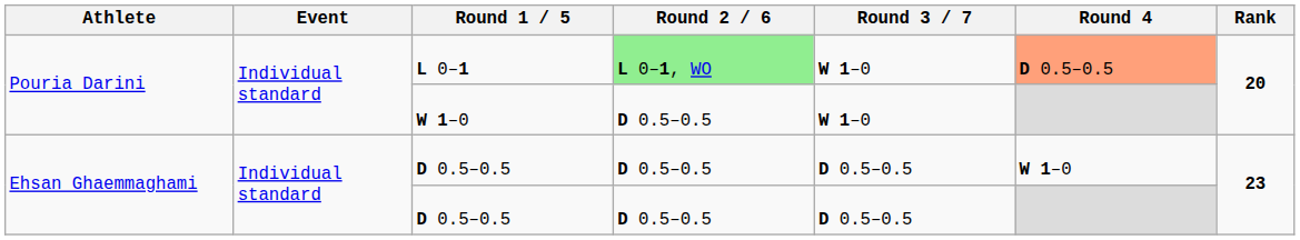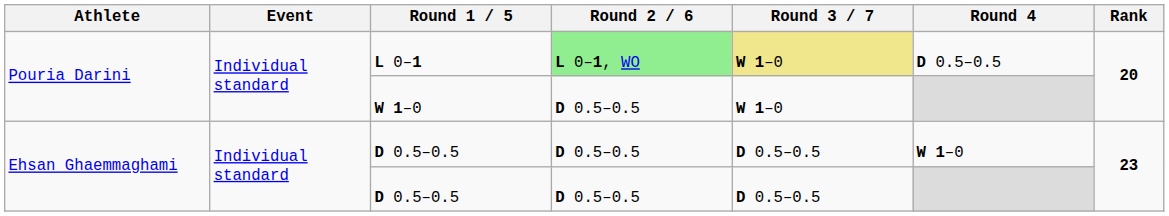 <table class="wikitable" width="98%" style="text-align:left; font-size:90%">
 <tr>
 <th width="10%">Athlete</th>
 <th width="7%">Event</th>
 <th width="9%">Round 1 / 5</th>
 <th width="9%">Round 2 / 6</th>
 <th width="9%">Round 3 / 7</th>
 <th width="9%">Round 4</th>
 <th width="3%">Rank</th>
 </tr>
 <tr>
 <td rowspan=2><a href='#'>Pouria Darini</a></td>
 <td rowspan=2><a href='#'>Individual standard</a></td>
 <td><br><strong>L</strong> 0–<strong>1</strong></td>
 <td style="background: lightgreen;"><br><strong>L</strong> 0–<strong>1</strong>, <a href='#'>WO</a></td>
-<td><br><strong>W</strong> <strong>1</strong>–0</td>
-<td style="background: lightsalmon;"><br><strong>D</strong> 0.5–0.5</td>
+<td style="background: khaki;"><br><strong>W</strong> <strong>1</strong>–0</td>
+<td><br><strong>D</strong> 0.5–0.5</td>
 <td rowspan=2 align=center><strong>20</strong></td>
 </tr>
 <tr>
 <td><br><strong>W</strong> <strong>1</strong>–0</td>
 <td><br><strong>D</strong> 0.5–0.5</td>
 <td><br><strong>W</strong> <strong>1</strong>–0</td>
 <td bgcolor=#DCDCDC></td>
 </tr>
 <tr>
 <td rowspan=2><a href='#'>Ehsan Ghaemmaghami</a></td>
 <td rowspan=2><a href='#'>Individual standard</a></td>
 <td><br><strong>D</strong> 0.5–0.5</td>
 <td><br><strong>D</strong> 0.5–0.5</td>
 <td><br><strong>D</strong> 0.5–0.5</td>
 <td><br><strong>W</strong> <strong>1</strong>–0</td>
 <td rowspan=2 align=center><strong>23</strong></td>
 </tr>
 <tr>
 <td><br><strong>D</strong> 0.5–0.5</td>
 <td><br><strong>D</strong> 0.5–0.5</td>
 <td><br><strong>D</strong> 0.5–0.5</td>
 <td bgcolor=#DCDCDC></td>
 </tr>
 </table>
